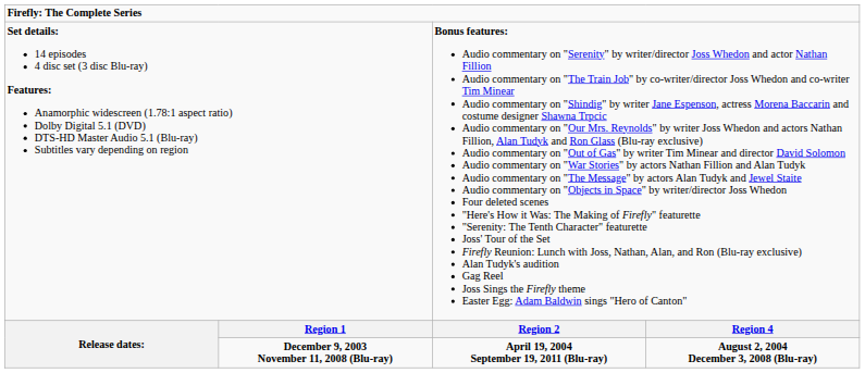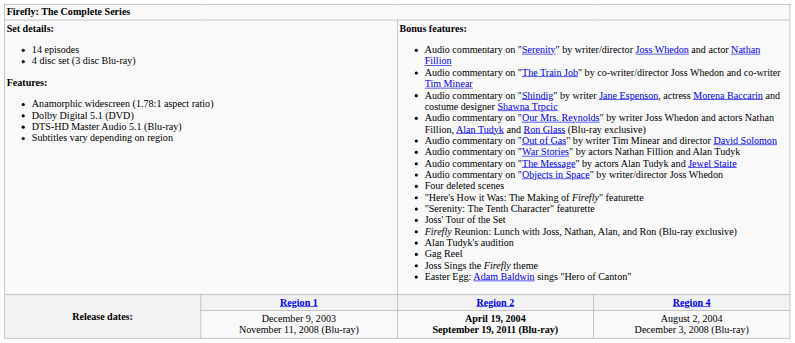 <table class="wikitable">
 <tr>
 <td colspan="5"><strong>Firefly: The Complete Series</strong></td>
 </tr>
 <tr>
 <td colspan="2" width="30%" valign="top"><strong>Set details:</strong><br><ul><li>14 episodes</li><li>4 disc set (3 disc Blu-ray)</li></ul><strong>Features:</strong><ul><li>Anamorphic widescreen (1.78:1 aspect ratio)</li><li>Dolby Digital 5.1 (DVD)</li><li>DTS-HD Master Audio 5.1 (Blu-ray)</li><li>Subtitles vary depending on region</li></ul></td>
 <td colspan="3" valign=top><strong>Bonus features:</strong><br><ul><li>Audio commentary on "<a href='#'>Serenity</a>" by writer/director <a href='#'>Joss Whedon</a> and actor <a href='#'>Nathan Fillion</a></li><li>Audio commentary on "<a href='#'>The Train Job</a>" by co-writer/director Joss Whedon and co-writer <a href='#'>Tim Minear</a></li><li>Audio commentary on "<a href='#'>Shindig</a>" by writer <a href='#'>Jane Espenson</a>, actress <a href='#'>Morena Baccarin</a> and costume designer <a href='#'>Shawna Trpcic</a></li><li>Audio commentary on "<a href='#'>Our Mrs. Reynolds</a>" by writer Joss Whedon and actors Nathan Fillion, <a href='#'>Alan Tudyk</a> and <a href='#'>Ron Glass</a> (Blu-ray exclusive)</li><li>Audio commentary on "<a href='#'>Out of Gas</a>" by writer Tim Minear and director <a href='#'>David Solomon</a></li><li>Audio commentary on "<a href='#'>War Stories</a>" by actors Nathan Fillion and Alan Tudyk</li><li>Audio commentary on "<a href='#'>The Message</a>" by actors Alan Tudyk and <a href='#'>Jewel Staite</a></li><li>Audio commentary on "<a href='#'>Objects in Space</a>" by writer/director Joss Whedon</li><li>Four deleted scenes</li><li>"Here's How it Was: The Making of <em>Firefly</em>" featurette</li><li>"Serenity: The Tenth Character" featurette</li><li>Joss' Tour of the Set</li><li><em>Firefly</em> Reunion: Lunch with Joss, Nathan, Alan, and Ron (Blu-ray exclusive)</li><li>Alan Tudyk's audition</li><li>Gag Reel</li><li>Joss Sings the <em>Firefly</em> theme</li><li>Easter Egg: <a href='#'>Adam Baldwin</a> sings "Hero of Canton"</li></ul></td>
 </tr>
 <tr>
 <th rowspan="2" width="25%">Release dates:</th>
 <th width="25%"><a href='#'>Region 1</a></th>
 <th width="25%"><a href='#'>Region 2</a></th>
 <th width="25%"><a href='#'>Region 4</a></th>
 </tr>
 <tr>
-<td align="center"><strong>December 9, 2003<br>November 11, 2008 (Blu-ray)</strong></td>
+<td align="center">December 9, 2003<br>November 11, 2008 (Blu-ray)</td>
 <td align="center"><strong>April 19, 2004<br>September 19, 2011 (Blu-ray)</strong></td>
-<td align="center"><strong>August 2, 2004<br>December 3, 2008 (Blu-ray)</strong></td>
+<td align="center">August 2, 2004<br>December 3, 2008 (Blu-ray)</td>
 </tr>
 </table>
